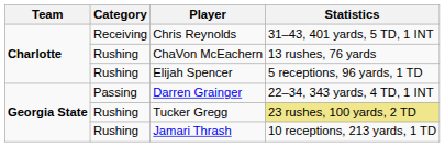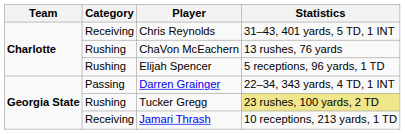 <table class="wikitable" style="float: left;">
 <tr>
 <th>Team</th>
 <th>Category</th>
 <th>Player</th>
 <th>Statistics</th>
 </tr>
 <tr>
 <td rowspan=3><strong>Charlotte</strong></td>
 <td>Receiving</td>
 <td>Chris Reynolds</td>
 <td>31–43, 401 yards, 5 TD, 1 INT</td>
 </tr>
 <tr>
 <td>Rushing</td>
 <td>ChaVon McEachern</td>
 <td>13 rushes, 76 yards</td>
 </tr>
 <tr>
 <td>Rushing</td>
 <td>Elijah Spencer</td>
 <td>5 receptions, 96 yards, 1 TD</td>
 </tr>
 <tr>
 <td rowspan=3><strong>Georgia State</strong></td>
 <td>Passing</td>
 <td><a href='#'>Darren Grainger</a></td>
 <td>22–34, 343 yards, 4 TD, 1 INT</td>
 </tr>
 <tr>
 <td>Rushing</td>
 <td>Tucker Gregg</td>
 <td style="background: khaki;">23 rushes, 100 yards, 2 TD</td>
 </tr>
 <tr>
-<td>Rushing</td>
+<td>Receiving</td>
 <td><a href='#'>Jamari Thrash</a></td>
 <td>10 receptions, 213 yards, 1 TD</td>
 </tr>
 </table>
